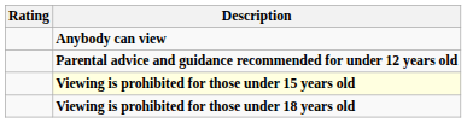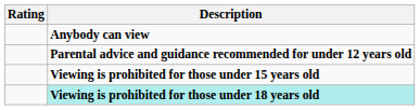 <table class="wikitable">
 <tr>
 <th>Rating</th>
 <th>Description</th>
 </tr>
 <tr>
 <td></td>
 <td><strong>Anybody can view</strong><br></td>
 </tr>
 <tr>
 <td></td>
 <td><strong>Parental advice and guidance recommended for under 12 years old</strong><br></td>
 </tr>
 <tr>
 <td></td>
-<td style="background: lightyellow;"><strong>Viewing is prohibited for those under 15 years old</strong><br></td>
+<td><strong>Viewing is prohibited for those under 15 years old</strong><br></td>
 </tr>
 <tr>
 <td></td>
-<td><strong>Viewing is prohibited for those under 18 years old</strong><br></td>
+<td style="background: paleturquoise;"><strong>Viewing is prohibited for those under 18 years old</strong><br></td>
 </tr>
 </table>
